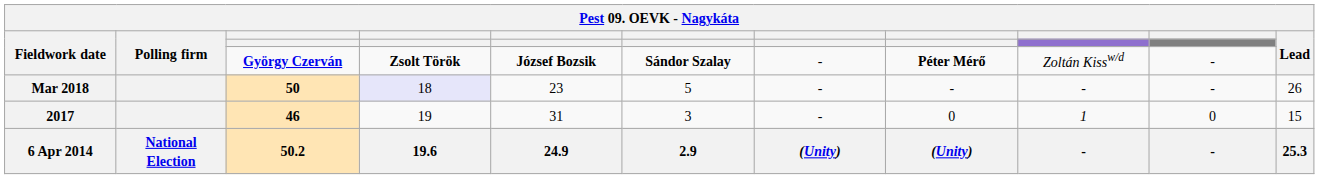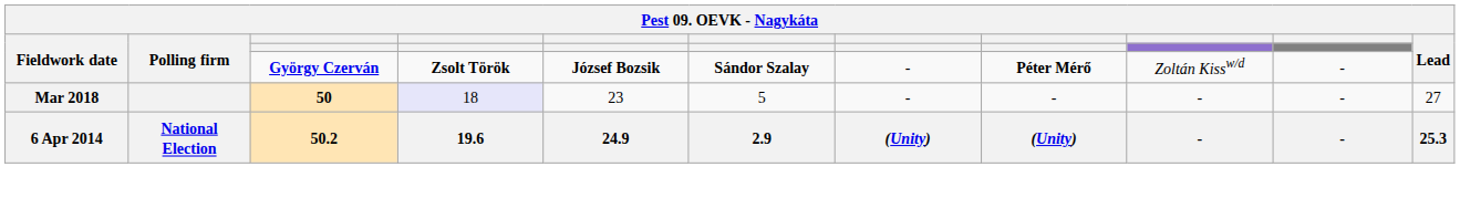 <table class="wikitable mw-collapsible mw-collapsed" style="text-align:center">
 <tr>
 <th colspan="11" style="width: 980pt;"><small><a href='#'>Pest</a> 09. OEVK - <a href='#'>Nagykáta</a></small></th>
 </tr>
 <tr>
 <th rowspan="3" style="width: 80pt;"><small>Fieldwork</small> <small>date</small></th>
 <th rowspan="3" style="width: 80pt;"><strong><small>Polling</small> <small>firm</small></strong></th>
 <th style="width: 100pt;"><small></small></th>
 <th style="width: 100pt;"><small> </small></th>
 <th style="width: 100pt;"></th>
 <th style="width: 100pt;"></th>
 <th style="width: 100pt;"></th>
 <th style="width: 100pt;"></th>
 <th style="width: 100pt;"></th>
 <th style="width: 100pt;"></th>
 <th rowspan="3" style="width: 20pt;"><small>Lead</small></th>
 </tr>
 <tr>
 <th style="color:inherit;background:"></th>
 <th style="color:inherit;background:"></th>
 <th style="color:inherit;background:"></th>
 <th style="color:inherit;background:"></th>
 <th style="color:inherit;background:"></th>
 <th style="color:inherit;background:"></th>
 <th style="color:inherit;background:#8E6FCE;"></th>
 <th style="color:inherit;background:#808080;"></th>
 </tr>
 <tr>
 <td><a href='#'><strong><small>György Czerván</small></strong></a></td>
 <td><strong><small>Zsolt Török</small></strong></td>
 <td><strong><small>József Bozsik</small></strong></td>
 <td><strong><small>Sándor Szalay</small></strong></td>
 <td><small>-</small></td>
 <td><strong><small>Péter Mérő</small></strong></td>
 <td><em><small>Zoltán Kiss<sup>w/d</sup></small></em></td>
 <td><small>-</small></td>
 </tr>
 <tr>
 <th><small>Mar 2018</small></th>
 <th><small></small></th>
 <td style="background:#FFE5B4"><strong><small>50</small></strong></td>
 <td style="background: lavender;"><small>18</small></td>
 <td><small>23</small></td>
 <td><small>5</small></td>
 <td><small>-</small></td>
 <td><small>-</small></td>
 <td><small><em>-</em></small></td>
 <td><small>-</small></td>
-<td style="background:"><small>26</small></td>
-</tr>
-<tr>
-<th><small>2017</small></th>
-<th><small></small></th>
-<td style="background:#FFE5B4"><strong><small>46</small></strong></td>
-<td><small>19</small></td>
-<td><small>31</small></td>
-<td><small>3</small></td>
-<td><small>-</small></td>
-<td><small>0</small></td>
-<td><em><small>1</small></em></td>
-<td><small>0</small></td>
-<td style="background:"><small>15</small></td>
+<td style="background:"><small>27</small></td>
 </tr>
 <tr>
 <th><small>6 Apr 2014</small></th>
 <th><a href='#'><small>National Election</small></a></th>
 <th style="background:#FFE5B4"><strong><small>50.2</small></strong></th>
 <th><small>19.6</small></th>
 <th><small>24.9</small></th>
 <th><small>2.9</small></th>
 <th><small><em>(<a href='#'>Unity</a>)</em></small></th>
 <th><small><em>(<a href='#'>Unity</a>)</em></small></th>
 <th><small>-</small></th>
 <th><small>-</small></th>
 <th style="background:"><small>25.3</small></th>
 </tr>
 </table>
